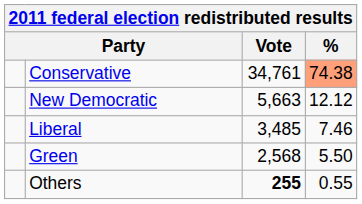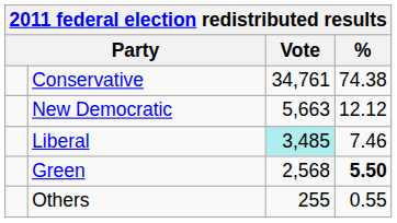 <table class="wikitable">
 <tr>
 <th colspan="4"><a href='#'>2011 federal election</a> redistributed results</th>
 </tr>
 <tr>
 <th bgcolor="#DDDDFF" width="130px" colspan="2">Party</th>
 <th bgcolor="#DDDDFF" width="50px">Vote</th>
 <th bgcolor="#DDDDFF" width="30px">%</th>
 </tr>
 <tr>
 <td> </td>
 <td><a href='#'>Conservative</a></td>
 <td align=right>34,761</td>
-<td align=right style="background: lightsalmon;">74.38</td>
+<td align=right>74.38</td>
 </tr>
 <tr>
 <td> </td>
 <td><a href='#'>New Democratic</a></td>
 <td align=right>5,663</td>
 <td align=right>12.12</td>
 </tr>
 <tr>
 <td> </td>
 <td><a href='#'>Liberal</a></td>
-<td align=right>3,485</td>
+<td align=right style="background: paleturquoise;">3,485</td>
 <td align=right>7.46</td>
 </tr>
 <tr>
 <td> </td>
 <td><a href='#'>Green</a></td>
 <td align=right>2,568</td>
-<td align=right>5.50</td>
+<td align=right><strong>5.50</strong></td>
 </tr>
 <tr>
 <td> </td>
 <td>Others</td>
-<td align=right><strong>255</strong></td>
+<td align=right>255</td>
 <td align=right>0.55</td>
 </tr>
 </table>
